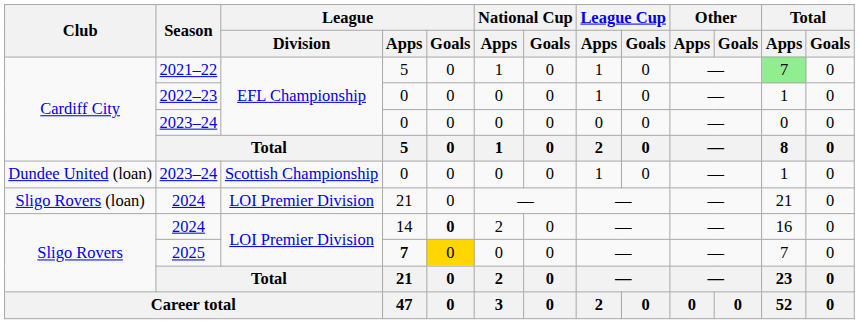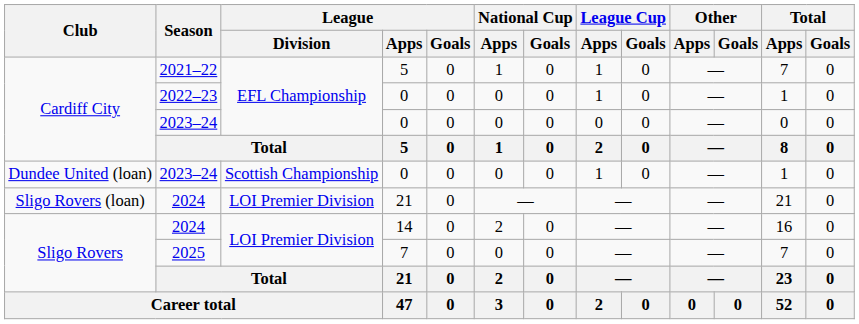 <table class="wikitable" style="text-align:center">
 <tr>
 <th rowspan=2>Club</th>
 <th rowspan=2>Season</th>
 <th colspan=3>League</th>
 <th colspan=2>National Cup</th>
 <th colspan=2><a href='#'>League Cup</a></th>
 <th colspan=2>Other</th>
 <th colspan=2>Total</th>
 </tr>
 <tr>
 <th>Division</th>
 <th>Apps</th>
 <th>Goals</th>
 <th>Apps</th>
 <th>Goals</th>
 <th>Apps</th>
 <th>Goals</th>
 <th>Apps</th>
 <th>Goals</th>
 <th>Apps</th>
 <th>Goals</th>
 </tr>
 <tr>
 <td rowspan="4"><a href='#'>Cardiff City</a></td>
 <td><a href='#'>2021–22</a></td>
 <td rowspan="3"><a href='#'>EFL Championship</a></td>
 <td>5</td>
 <td>0</td>
 <td>1</td>
 <td>0</td>
 <td>1</td>
 <td>0</td>
 <td colspan=2>—</td>
-<td style="background: lightgreen;">7</td>
+<td>7</td>
 <td>0</td>
 </tr>
 <tr>
 <td><a href='#'>2022–23</a></td>
 <td>0</td>
 <td>0</td>
 <td>0</td>
 <td>0</td>
 <td>1</td>
 <td>0</td>
 <td colspan=2>—</td>
 <td>1</td>
 <td>0</td>
 </tr>
 <tr>
 <td><a href='#'>2023–24</a></td>
 <td>0</td>
 <td>0</td>
 <td>0</td>
 <td>0</td>
 <td>0</td>
 <td>0</td>
 <td colspan=2>—</td>
 <td>0</td>
 <td>0</td>
 </tr>
 <tr>
 <th colspan=2>Total</th>
 <th>5</th>
 <th>0</th>
 <th>1</th>
 <th>0</th>
 <th>2</th>
 <th>0</th>
 <th colspan=2>—</th>
 <th>8</th>
 <th>0</th>
 </tr>
 <tr>
 <td><a href='#'>Dundee United</a> (loan)</td>
 <td><a href='#'>2023–24</a></td>
 <td><a href='#'>Scottish Championship</a></td>
 <td>0</td>
 <td>0</td>
 <td>0</td>
 <td>0</td>
 <td>1</td>
 <td>0</td>
 <td colspan=2>—</td>
 <td>1</td>
 <td>0</td>
 </tr>
 <tr>
 <td><a href='#'>Sligo Rovers</a> (loan)</td>
 <td><a href='#'>2024</a></td>
 <td><a href='#'>LOI Premier Division</a></td>
 <td>21</td>
 <td>0</td>
 <td colspan=2>—</td>
 <td colspan=2>—</td>
 <td colspan=2>—</td>
 <td>21</td>
 <td>0</td>
 </tr>
 <tr>
 <td rowspan="3"><a href='#'>Sligo Rovers</a></td>
 <td><a href='#'>2024</a></td>
 <td rowspan="2"><a href='#'>LOI Premier Division</a></td>
 <td>14</td>
-<td><strong>0</strong></td>
+<td>0</td>
 <td>2</td>
 <td>0</td>
 <td colspan=2>—</td>
 <td colspan=2>—</td>
 <td>16</td>
 <td>0</td>
 </tr>
 <tr>
 <td><a href='#'>2025</a></td>
-<td><strong>7</strong></td>
-<td style="background: gold;">0</td>
+<td>7</td>
+<td>0</td>
 <td>0</td>
 <td>0</td>
 <td colspan=2>—</td>
 <td colspan=2>—</td>
 <td>7</td>
 <td>0</td>
 </tr>
 <tr>
 <th colspan=2>Total</th>
 <th>21</th>
 <th>0</th>
 <th>2</th>
 <th>0</th>
 <th colspan=2>—</th>
 <th colspan=2>—</th>
 <th>23</th>
 <th>0</th>
 </tr>
 <tr>
 <th colspan=3>Career total</th>
 <th>47</th>
 <th>0</th>
 <th>3</th>
 <th>0</th>
 <th>2</th>
 <th>0</th>
 <th>0</th>
 <th>0</th>
 <th>52</th>
 <th>0</th>
 </tr>
 </table>
